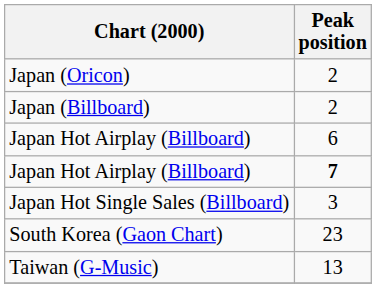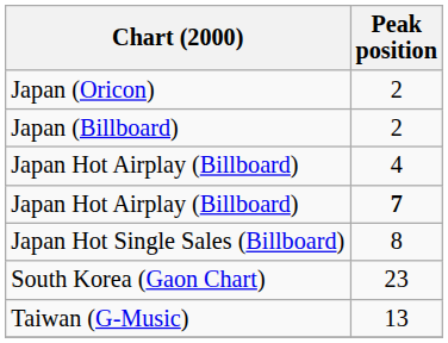 <table class="wikitable sortable">
 <tr>
 <th>Chart (2000)</th>
 <th>Peak<br>position</th>
 </tr>
 <tr>
 <td>Japan (<a href='#'>Oricon</a>)</td>
 <td align="center">2</td>
 </tr>
 <tr>
 <td>Japan (<a href='#'>Billboard</a>)</td>
 <td align="center">2</td>
 </tr>
 <tr>
 <td>Japan Hot Airplay (<a href='#'>Billboard</a>)</td>
-<td align="center">6</td>
+<td align="center">4</td>
 </tr>
 <tr>
 <td>Japan Hot Airplay (<a href='#'>Billboard</a>)</td>
 <td align="center"><strong>7</strong></td>
 </tr>
 <tr>
 <td>Japan Hot Single Sales (<a href='#'>Billboard</a>)</td>
-<td align="center">3</td>
+<td align="center">8</td>
 </tr>
 <tr>
 <td>South Korea (<a href='#'>Gaon Chart</a>)</td>
 <td align="center">23</td>
 </tr>
 <tr>
 <td>Taiwan (<a href='#'>G-Music</a>)</td>
 <td align="center">13</td>
 </tr>
 <tr>
 </tr>
 </table>
